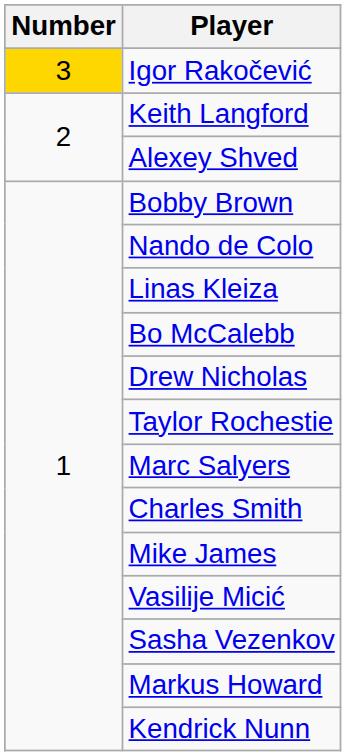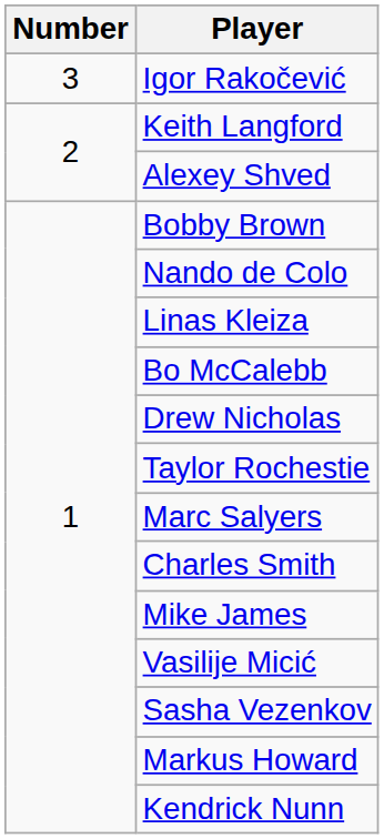 <table class="wikitable sortable">
 <tr>
 <th>Number</th>
 <th>Player</th>
 </tr>
 <tr>
-<td style="background: gold; text-align:center;">3</td>
+<td style="text-align:center;">3</td>
 <td> <a href='#'>Igor Rakočević</a></td>
 </tr>
 <tr>
 <td rowspan=2 style="text-align:center;">2</td>
 <td> <a href='#'>Keith Langford</a></td>
 </tr>
 <tr>
 <td> <a href='#'>Alexey Shved</a></td>
 </tr>
 <tr>
 <td rowspan=13 style="text-align:center;">1</td>
 <td> <a href='#'>Bobby Brown</a></td>
 </tr>
 <tr>
 <td> <a href='#'>Nando de Colo</a></td>
 </tr>
 <tr>
 <td> <a href='#'>Linas Kleiza</a></td>
 </tr>
 <tr>
 <td> <a href='#'>Bo McCalebb</a></td>
 </tr>
 <tr>
 <td> <a href='#'>Drew Nicholas</a></td>
 </tr>
 <tr>
 <td> <a href='#'>Taylor Rochestie</a></td>
 </tr>
 <tr>
 <td> <a href='#'>Marc Salyers</a></td>
 </tr>
 <tr>
 <td> <a href='#'>Charles Smith</a></td>
 </tr>
 <tr>
 <td> <a href='#'>Mike James</a></td>
 </tr>
 <tr>
 <td> <a href='#'>Vasilije Micić</a></td>
 </tr>
 <tr>
 <td> <a href='#'>Sasha Vezenkov</a></td>
 </tr>
 <tr>
 <td> <a href='#'>Markus Howard</a></td>
 </tr>
 <tr>
 <td> <a href='#'>Kendrick Nunn</a></td>
 </tr>
 </table>
